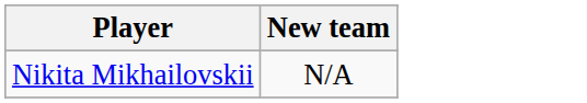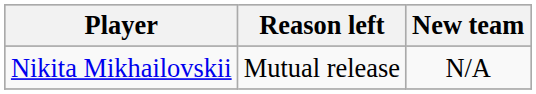 <table class="wikitable sortable sortable" style="text-align: center">
 <tr>
 <th>Player</th>
+<th>Reason left</th>
 <th>New team</th>
 </tr>
 <tr>
 <td><a href='#'>Nikita Mikhailovskii</a></td>
+<td>Mutual release</td>
 <td>N/A</td>
 </tr>
 </table>
